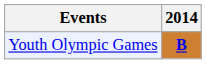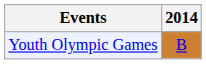 <table class="wikitable" style="font-size: 90%; text-align:center">
 <tr>
 <th>Events</th>
 <th>2014</th>
 </tr>
 <tr>
 <td bgcolor="#ECF2FF"; align="left"><a href='#'>Youth Olympic Games</a></td>
-<td bgcolor=CD7F32><strong><a href='#'>B</a></strong></td>
+<td bgcolor=CD7F32><a href='#'>B</a></td>
 </tr>
 </table>
